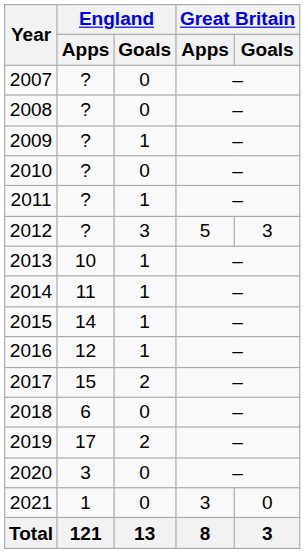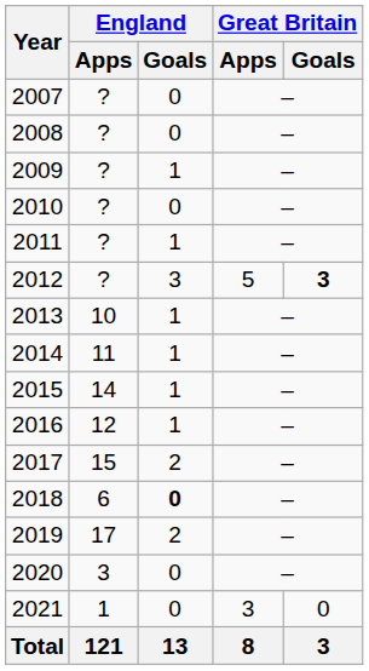 <table class="wikitable" style="text-align:center">
 <tr>
 <th rowspan=2>Year</th>
 <th colspan=2><a href='#'>England</a></th>
 <th colspan="2"><a href='#'>Great Britain</a></th>
 </tr>
 <tr>
 <th>Apps</th>
 <th>Goals</th>
 <th>Apps</th>
 <th>Goals</th>
 </tr>
 <tr>
 <td>2007</td>
 <td>?</td>
 <td>0</td>
 <td colspan="2">–</td>
 </tr>
 <tr>
 <td>2008</td>
 <td>?</td>
 <td>0</td>
 <td colspan="2">–</td>
 </tr>
 <tr>
 <td>2009</td>
 <td>?</td>
 <td>1</td>
 <td colspan="2">–</td>
 </tr>
 <tr>
 <td>2010</td>
 <td>?</td>
 <td>0</td>
 <td colspan="2">–</td>
 </tr>
 <tr>
 <td>2011</td>
 <td>?</td>
 <td>1</td>
 <td colspan="2">–</td>
 </tr>
 <tr>
 <td>2012</td>
 <td>?</td>
 <td>3</td>
 <td>5</td>
-<td>3</td>
+<td><strong>3</strong></td>
 </tr>
 <tr>
 <td>2013</td>
 <td>10</td>
 <td>1</td>
 <td colspan="2">–</td>
 </tr>
 <tr>
 <td>2014</td>
 <td>11</td>
 <td>1</td>
 <td colspan="2">–</td>
 </tr>
 <tr>
 <td>2015</td>
 <td>14</td>
 <td>1</td>
 <td colspan="2">–</td>
 </tr>
 <tr>
 <td>2016</td>
 <td>12</td>
 <td>1</td>
 <td colspan="2">–</td>
 </tr>
 <tr>
 <td>2017</td>
 <td>15</td>
 <td>2</td>
 <td colspan="2">–</td>
 </tr>
 <tr>
 <td>2018</td>
 <td>6</td>
-<td>0</td>
+<td><strong>0</strong></td>
 <td colspan="2">–</td>
 </tr>
 <tr>
 <td>2019</td>
 <td>17</td>
 <td>2</td>
 <td colspan="2">–</td>
 </tr>
 <tr>
 <td>2020</td>
 <td>3</td>
 <td>0</td>
 <td colspan="2">–</td>
 </tr>
 <tr>
 <td>2021</td>
 <td>1</td>
 <td>0</td>
 <td>3</td>
 <td>0</td>
 </tr>
 <tr>
 <th>Total</th>
 <th>121</th>
 <th>13</th>
 <th>8</th>
 <th>3</th>
 </tr>
 </table>
